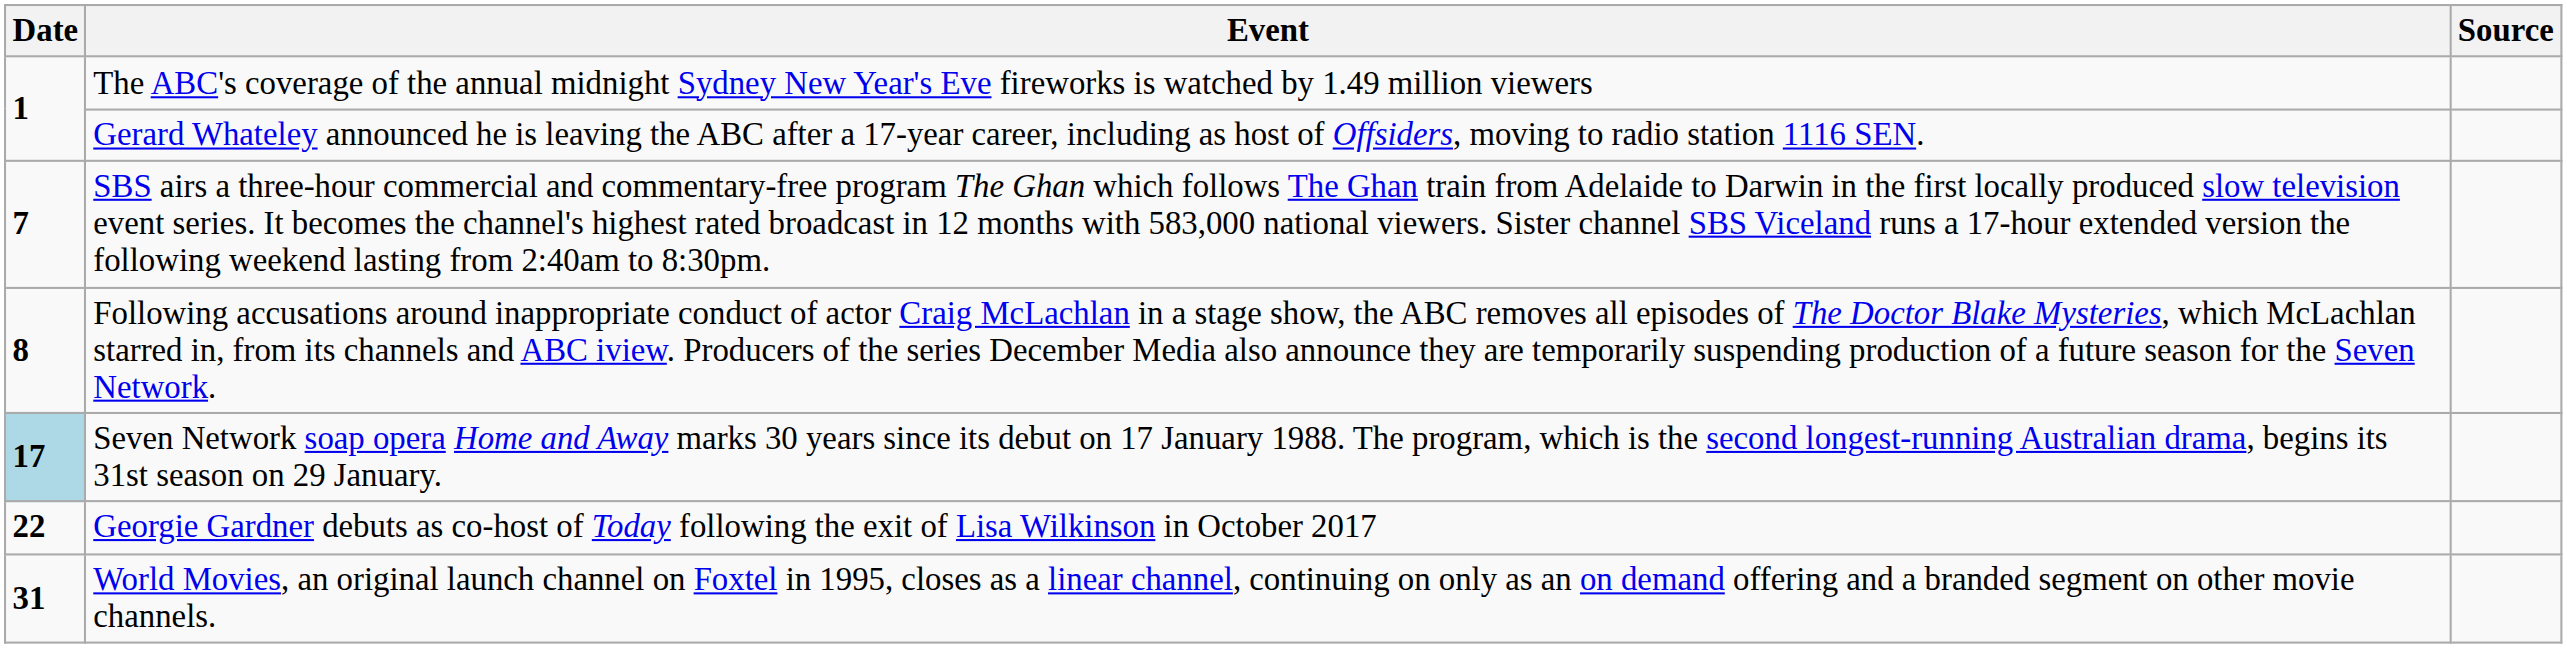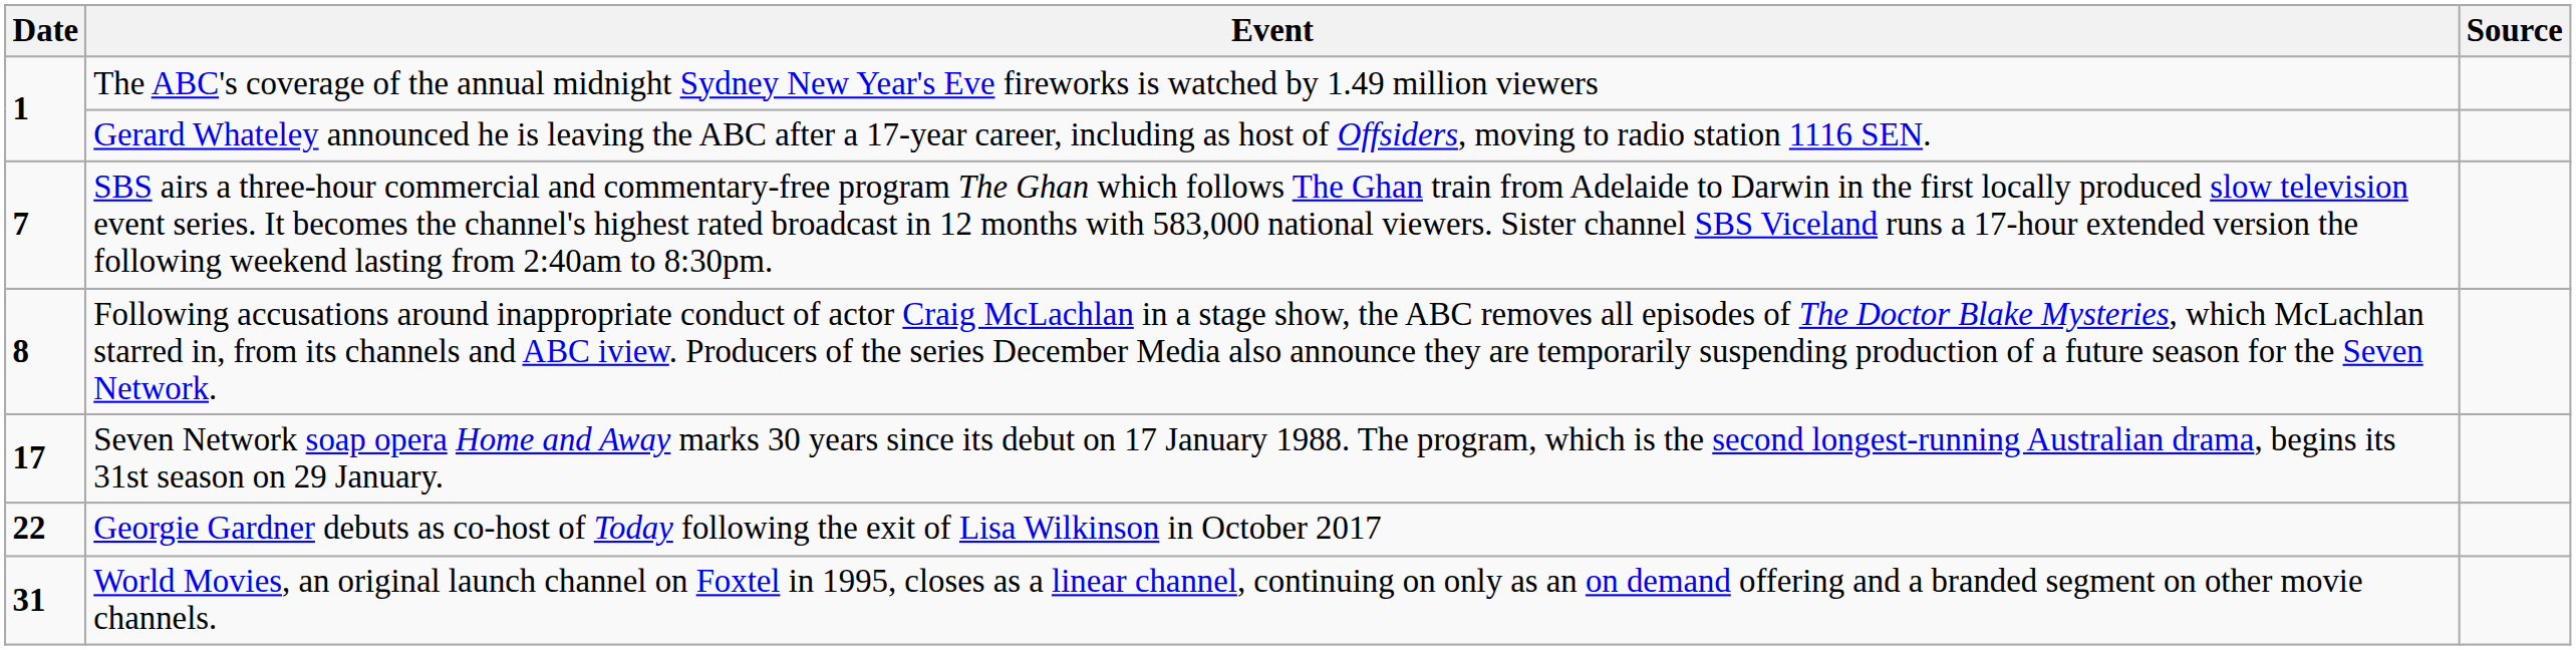 <table class="wikitable">
 <tr>
 <th>Date</th>
 <th>Event</th>
 <th>Source</th>
 </tr>
 <tr>
 <td rowspan="2"><strong>1</strong></td>
 <td>The <a href='#'>ABC</a>'s coverage of the annual midnight <a href='#'>Sydney New Year's Eve</a> fireworks is watched by 1.49 million viewers</td>
 <td></td>
 </tr>
 <tr>
 <td><a href='#'>Gerard Whateley</a> announced he is leaving the ABC after a 17-year career, including as host of <em><a href='#'>Offsiders</a></em>, moving to radio station <a href='#'>1116 SEN</a>.</td>
 <td></td>
 </tr>
 <tr>
 <td><strong>7</strong></td>
 <td><a href='#'>SBS</a> airs a three-hour commercial and commentary-free program <em>The Ghan</em> which follows <a href='#'>The Ghan</a> train from Adelaide to Darwin in the first locally produced <a href='#'>slow television</a> event series. It becomes the channel's highest rated broadcast in 12 months with 583,000 national viewers. Sister channel <a href='#'>SBS Viceland</a> runs a 17-hour extended version the following weekend lasting from 2:40am to 8:30pm.</td>
 <td></td>
 </tr>
 <tr>
 <td><strong>8</strong></td>
 <td>Following accusations around inappropriate conduct of actor <a href='#'>Craig McLachlan</a> in a stage show, the ABC removes all episodes of <em><a href='#'>The Doctor Blake Mysteries</a></em>, which McLachlan starred in, from its channels and <a href='#'>ABC iview</a>. Producers of the series December Media also announce they are temporarily suspending production of a future season for the <a href='#'>Seven Network</a>.</td>
 <td></td>
 </tr>
 <tr>
-<td style="background: lightblue;"><strong>17</strong></td>
+<td><strong>17</strong></td>
 <td>Seven Network <a href='#'>soap opera</a> <em><a href='#'>Home and Away</a></em> marks 30 years since its debut on 17 January 1988. The program, which is the <a href='#'>second longest-running Australian drama</a>, begins its 31st season on 29 January.</td>
 <td></td>
 </tr>
 <tr>
 <td><strong>22</strong></td>
 <td><a href='#'>Georgie Gardner</a> debuts as co-host of <em><a href='#'>Today</a></em> following the exit of <a href='#'>Lisa Wilkinson</a> in October 2017</td>
 <td></td>
 </tr>
 <tr>
 <td><strong>31</strong></td>
 <td><a href='#'>World Movies</a>, an original launch channel on <a href='#'>Foxtel</a> in 1995, closes as a <a href='#'>linear channel</a>, continuing on only as an <a href='#'>on demand</a> offering and a branded segment on other movie channels.</td>
 <td></td>
 </tr>
 </table>
